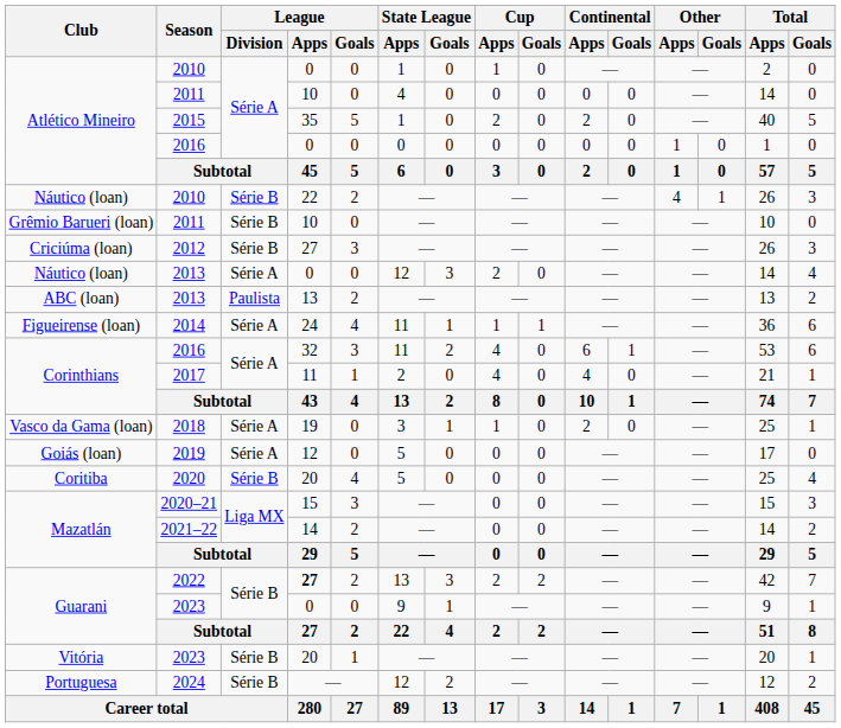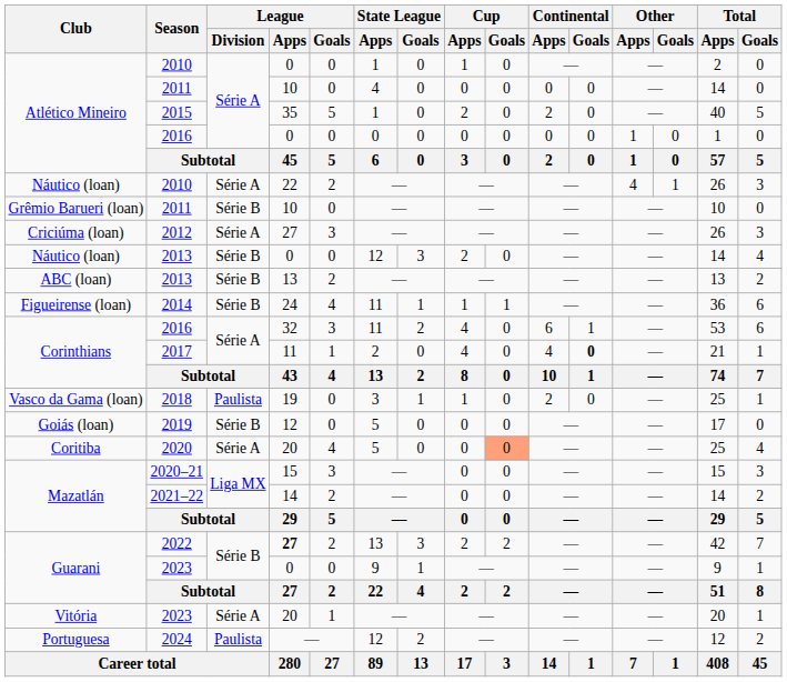 <table class="wikitable" style="text-align: center;">
 <tr>
 <th rowspan="2">Club</th>
 <th rowspan="2">Season</th>
 <th colspan="3">League</th>
 <th colspan="2">State League</th>
 <th colspan="2">Cup</th>
 <th colspan="2">Continental</th>
 <th colspan="2">Other</th>
 <th colspan="2">Total</th>
 </tr>
 <tr>
 <th>Division</th>
 <th>Apps</th>
 <th>Goals</th>
 <th>Apps</th>
 <th>Goals</th>
 <th>Apps</th>
 <th>Goals</th>
 <th>Apps</th>
 <th>Goals</th>
 <th>Apps</th>
 <th>Goals</th>
 <th>Apps</th>
 <th>Goals</th>
 </tr>
 <tr>
 <td rowspan="5"><a href='#'>Atlético Mineiro</a></td>
 <td><a href='#'>2010</a></td>
 <td rowspan="4"><a href='#'>Série A</a></td>
 <td>0</td>
 <td>0</td>
 <td>1</td>
 <td>0</td>
 <td>1</td>
 <td>0</td>
 <td colspan="2">—</td>
 <td colspan="2">—</td>
 <td>2</td>
 <td>0</td>
 </tr>
 <tr>
 <td><a href='#'>2011</a></td>
 <td>10</td>
 <td>0</td>
 <td>4</td>
 <td>0</td>
 <td>0</td>
 <td>0</td>
 <td>0</td>
 <td>0</td>
 <td colspan="2">—</td>
 <td>14</td>
 <td>0</td>
 </tr>
 <tr>
 <td><a href='#'>2015</a></td>
 <td>35</td>
 <td>5</td>
 <td>1</td>
 <td>0</td>
 <td>2</td>
 <td>0</td>
 <td>2</td>
 <td>0</td>
 <td colspan="2">—</td>
 <td>40</td>
 <td>5</td>
 </tr>
 <tr>
 <td><a href='#'>2016</a></td>
 <td>0</td>
 <td>0</td>
 <td>0</td>
 <td>0</td>
 <td>0</td>
 <td>0</td>
 <td>0</td>
 <td>0</td>
 <td>1</td>
 <td>0</td>
 <td>1</td>
 <td>0</td>
 </tr>
 <tr>
 <th colspan="2">Subtotal</th>
 <th>45</th>
 <th>5</th>
 <th>6</th>
 <th>0</th>
 <th>3</th>
 <th>0</th>
 <th>2</th>
 <th>0</th>
 <th>1</th>
 <th>0</th>
 <th>57</th>
 <th>5</th>
 </tr>
 <tr>
 <td><a href='#'>Náutico</a> (loan)</td>
 <td><a href='#'>2010</a></td>
-<td><a href='#'>Série B</a></td>
+<td>Série A</td>
 <td>22</td>
 <td>2</td>
 <td colspan="2">—</td>
 <td colspan="2">—</td>
 <td colspan="2">—</td>
 <td>4</td>
 <td>1</td>
 <td>26</td>
 <td>3</td>
 </tr>
 <tr>
 <td><a href='#'>Grêmio Barueri</a> (loan)</td>
 <td><a href='#'>2011</a></td>
 <td>Série B</td>
 <td>10</td>
 <td>0</td>
 <td colspan="2">—</td>
 <td colspan="2">—</td>
 <td colspan="2">—</td>
 <td colspan="2">—</td>
 <td>10</td>
 <td>0</td>
 </tr>
 <tr>
 <td><a href='#'>Criciúma</a> (loan)</td>
 <td><a href='#'>2012</a></td>
-<td>Série B</td>
+<td>Série A</td>
 <td>27</td>
 <td>3</td>
 <td colspan="2">—</td>
 <td colspan="2">—</td>
 <td colspan="2">—</td>
 <td colspan="2">—</td>
 <td>26</td>
 <td>3</td>
 </tr>
 <tr>
 <td><a href='#'>Náutico</a> (loan)</td>
 <td><a href='#'>2013</a></td>
-<td>Série A</td>
+<td>Série B</td>
 <td>0</td>
 <td>0</td>
 <td>12</td>
 <td>3</td>
 <td>2</td>
 <td>0</td>
 <td colspan="2">—</td>
 <td colspan="2">—</td>
 <td>14</td>
 <td>4</td>
 </tr>
 <tr>
 <td><a href='#'>ABC</a> (loan)</td>
 <td><a href='#'>2013</a></td>
-<td><a href='#'>Paulista</a></td>
+<td>Série B</td>
 <td>13</td>
 <td>2</td>
 <td colspan="2">—</td>
 <td colspan="2">—</td>
 <td colspan="2">—</td>
 <td colspan="2">—</td>
 <td>13</td>
 <td>2</td>
 </tr>
 <tr>
 <td><a href='#'>Figueirense</a> (loan)</td>
 <td><a href='#'>2014</a></td>
-<td>Série A</td>
+<td>Série B</td>
 <td>24</td>
 <td>4</td>
 <td>11</td>
 <td>1</td>
 <td>1</td>
 <td>1</td>
 <td colspan="2">—</td>
 <td colspan="2">—</td>
 <td>36</td>
 <td>6</td>
 </tr>
 <tr>
 <td rowspan="3"><a href='#'>Corinthians</a></td>
 <td><a href='#'>2016</a></td>
 <td rowspan="2">Série A</td>
 <td>32</td>
 <td>3</td>
 <td>11</td>
 <td>2</td>
 <td>4</td>
 <td>0</td>
 <td>6</td>
 <td>1</td>
 <td colspan="2">—</td>
 <td>53</td>
 <td>6</td>
 </tr>
 <tr>
 <td><a href='#'>2017</a></td>
 <td>11</td>
 <td>1</td>
 <td>2</td>
 <td>0</td>
 <td>4</td>
 <td>0</td>
 <td>4</td>
-<td>0</td>
+<td><strong>0</strong></td>
 <td colspan="2">—</td>
 <td>21</td>
 <td>1</td>
 </tr>
 <tr>
 <th colspan="2">Subtotal</th>
 <th>43</th>
 <th>4</th>
 <th>13</th>
 <th>2</th>
 <th>8</th>
 <th>0</th>
 <th>10</th>
 <th>1</th>
 <th colspan="2">—</th>
 <th>74</th>
 <th>7</th>
 </tr>
 <tr>
 <td><a href='#'>Vasco da Gama</a> (loan)</td>
 <td><a href='#'>2018</a></td>
-<td>Série A</td>
+<td><a href='#'>Paulista</a></td>
 <td>19</td>
 <td>0</td>
 <td>3</td>
 <td>1</td>
 <td>1</td>
 <td>0</td>
 <td>2</td>
 <td>0</td>
 <td colspan="2">—</td>
 <td>25</td>
 <td>1</td>
 </tr>
 <tr>
 <td><a href='#'>Goiás</a> (loan)</td>
 <td><a href='#'>2019</a></td>
-<td>Série A</td>
+<td>Série B</td>
 <td>12</td>
 <td>0</td>
 <td>5</td>
 <td>0</td>
 <td>0</td>
 <td>0</td>
 <td colspan="2">—</td>
 <td colspan="2">—</td>
 <td>17</td>
 <td>0</td>
 </tr>
 <tr>
 <td><a href='#'>Coritiba</a></td>
 <td><a href='#'>2020</a></td>
-<td><a href='#'>Série B</a></td>
+<td>Série A</td>
 <td>20</td>
 <td>4</td>
 <td>5</td>
 <td>0</td>
 <td>0</td>
-<td>0</td>
+<td style="background: lightsalmon;">0</td>
 <td colspan="2">—</td>
 <td colspan="2">—</td>
 <td>25</td>
 <td>4</td>
 </tr>
 <tr>
 <td rowspan="3"><a href='#'>Mazatlán</a></td>
 <td><a href='#'>2020–21</a></td>
 <td rowspan="2"><a href='#'>Liga MX</a></td>
 <td>15</td>
 <td>3</td>
 <td colspan="2">—</td>
 <td>0</td>
 <td>0</td>
 <td colspan="2">—</td>
 <td colspan="2">—</td>
 <td>15</td>
 <td>3</td>
 </tr>
 <tr>
 <td><a href='#'>2021–22</a></td>
 <td>14</td>
 <td>2</td>
 <td colspan="2">—</td>
 <td>0</td>
 <td>0</td>
 <td colspan="2">—</td>
 <td colspan="2">—</td>
 <td>14</td>
 <td>2</td>
 </tr>
 <tr>
 <th colspan="2">Subtotal</th>
 <th>29</th>
 <th>5</th>
 <th colspan="2">—</th>
 <th>0</th>
 <th>0</th>
 <th colspan="2">—</th>
 <th colspan="2">—</th>
 <th>29</th>
 <th>5</th>
 </tr>
 <tr>
 <td rowspan="3"><a href='#'>Guarani</a></td>
 <td><a href='#'>2022</a></td>
 <td rowspan="2">Série B</td>
 <td><strong>27</strong></td>
 <td>2</td>
 <td>13</td>
 <td>3</td>
 <td>2</td>
 <td>2</td>
 <td colspan="2">—</td>
 <td colspan="2">—</td>
 <td>42</td>
 <td>7</td>
 </tr>
 <tr>
 <td><a href='#'>2023</a></td>
 <td>0</td>
 <td>0</td>
 <td>9</td>
 <td>1</td>
 <td colspan="2">—</td>
 <td colspan="2">—</td>
 <td colspan="2">—</td>
 <td>9</td>
 <td>1</td>
 </tr>
 <tr>
 <th colspan="2">Subtotal</th>
 <th>27</th>
 <th>2</th>
 <th>22</th>
 <th>4</th>
 <th>2</th>
 <th>2</th>
 <th colspan="2">—</th>
 <th colspan="2">—</th>
 <th>51</th>
 <th>8</th>
 </tr>
 <tr>
 <td><a href='#'>Vitória</a></td>
 <td><a href='#'>2023</a></td>
-<td>Série B</td>
+<td>Série A</td>
 <td>20</td>
 <td>1</td>
 <td colspan="2">—</td>
 <td colspan="2">—</td>
 <td colspan="2">—</td>
 <td colspan="2">—</td>
 <td>20</td>
 <td>1</td>
 </tr>
 <tr>
 <td><a href='#'>Portuguesa</a></td>
 <td><a href='#'>2024</a></td>
-<td>Série B</td>
+<td><a href='#'>Paulista</a></td>
 <td colspan="2">—</td>
 <td>12</td>
 <td>2</td>
 <td colspan="2">—</td>
 <td colspan="2">—</td>
 <td colspan="2">—</td>
 <td>12</td>
 <td>2</td>
 </tr>
 <tr>
 <th colspan="3"><strong>Career total</strong></th>
 <th>280</th>
 <th>27</th>
 <th>89</th>
 <th>13</th>
 <th>17</th>
 <th>3</th>
 <th>14</th>
 <th>1</th>
 <th>7</th>
 <th>1</th>
 <th>408</th>
 <th>45</th>
 </tr>
 </table>
